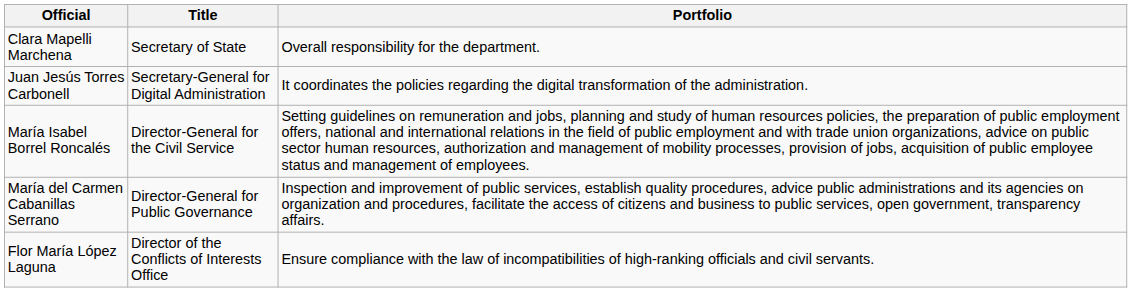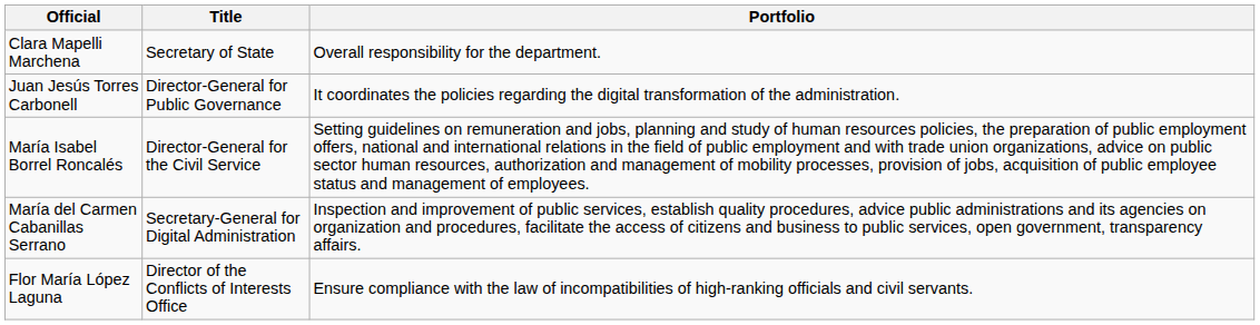 <table class="wikitable">
 <tr>
 <th>Official</th>
 <th>Title</th>
 <th>Portfolio</th>
 </tr>
 <tr>
 <td>Clara Mapelli Marchena</td>
 <td>Secretary of State</td>
 <td>Overall responsibility for the department.</td>
 </tr>
 <tr>
 <td>Juan Jesús Torres Carbonell</td>
-<td>Secretary-General for Digital Administration</td>
+<td>Director-General for Public Governance</td>
 <td>It coordinates the policies regarding the digital transformation of the administration.</td>
 </tr>
 <tr>
 <td>María Isabel Borrel Roncalés</td>
 <td>Director-General for the Civil Service</td>
 <td>Setting guidelines on remuneration and jobs, planning and study of human resources policies, the preparation of public employment offers, national and international relations in the field of public employment and with trade union organizations, advice on public sector human resources, authorization and management of mobility processes, provision of jobs, acquisition of public employee status and management of employees.</td>
 </tr>
 <tr>
 <td>María del Carmen Cabanillas Serrano</td>
-<td>Director-General for Public Governance</td>
+<td>Secretary-General for Digital Administration</td>
 <td>Inspection and improvement of public services, establish quality procedures, advice public administrations and its agencies on organization and procedures, facilitate the access of citizens and business to public services, open government, transparency affairs.</td>
 </tr>
 <tr>
 <td>Flor María López Laguna</td>
 <td>Director of the Conflicts of Interests Office</td>
 <td>Ensure compliance with the law of incompatibilities of high-ranking officials and civil servants.</td>
 </tr>
 </table>
